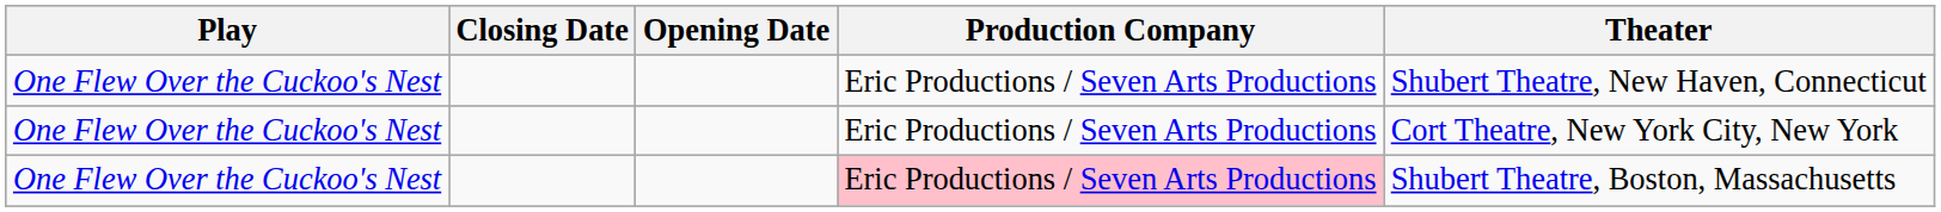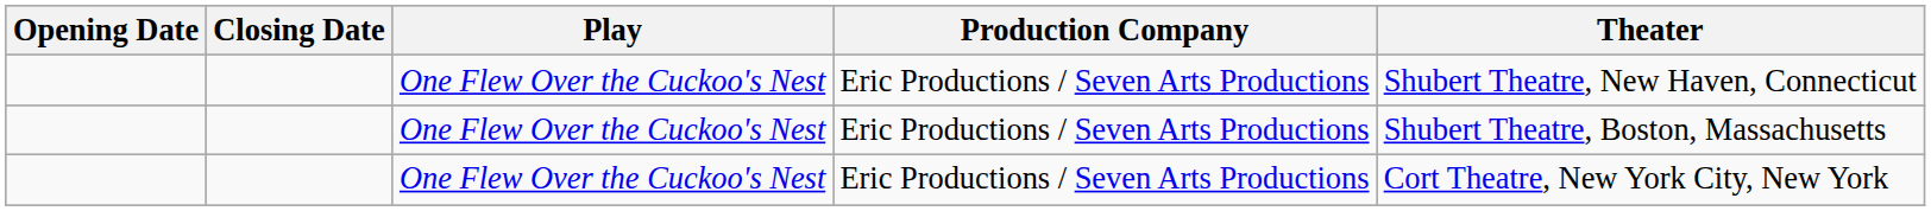 <table class="wikitable sortable">
 <tr>
+<th>Opening Date</th>
+<th>Closing Date</th>
 <th>Play</th>
-<th>Closing Date</th>
-<th>Opening Date</th>
 <th>Production Company</th>
 <th>Theater</th>
 </tr>
 <tr>
-<td><a href='#'><em>One Flew Over the Cuckoo's Nest</em></a></td>
 <td></td>
 <td></td>
+<td><a href='#'><em>One Flew Over the Cuckoo's Nest</em></a></td>
 <td>Eric Productions / <a href='#'>Seven Arts Productions</a></td>
 <td><a href='#'>Shubert Theatre</a>, New Haven, Connecticut</td>
 </tr>
 <tr>
-<td><a href='#'><em>One Flew Over the Cuckoo's Nest</em></a></td>
 <td></td>
 <td></td>
+<td><a href='#'><em>One Flew Over the Cuckoo's Nest</em></a></td>
+<td>Eric Productions / <a href='#'>Seven Arts Productions</a></td>
+<td><a href='#'>Shubert Theatre</a>, Boston, Massachusetts</td>
+</tr>
+<tr>
+<td></td>
+<td></td>
+<td><a href='#'><em>One Flew Over the Cuckoo's Nest</em></a></td>
 <td>Eric Productions / <a href='#'>Seven Arts Productions</a></td>
 <td><a href='#'>Cort Theatre</a>, New York City, New York</td>
 </tr>
-<tr>
-<td><a href='#'><em>One Flew Over the Cuckoo's Nest</em></a></td>
-<td></td>
-<td></td>
-<td style="background: pink;">Eric Productions / <a href='#'>Seven Arts Productions</a></td>
-<td><a href='#'>Shubert Theatre</a>, Boston, Massachusetts</td>
-</tr>
 </table>
